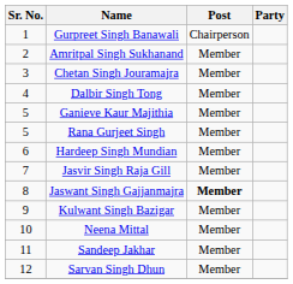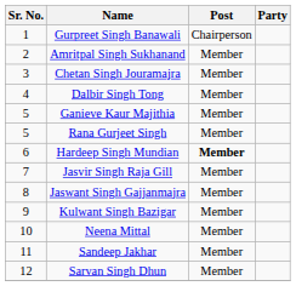 <table class="wikitable sortable">
 <tr>
 <th>Sr. No.</th>
 <th>Name</th>
 <th>Post</th>
 <th colspan="2">Party</th>
 </tr>
 <tr align="center">
 <td>1</td>
 <td><a href='#'>Gurpreet Singh Banawali</a></td>
 <td>Chairperson</td>
 <td></td>
 </tr>
 <tr align="center">
 <td>2</td>
 <td><a href='#'>Amritpal Singh Sukhanand</a></td>
 <td>Member</td>
 <td></td>
 </tr>
 <tr align="center">
 <td>3</td>
 <td><a href='#'>Chetan Singh Jouramajra</a></td>
 <td>Member</td>
 <td></td>
 </tr>
 <tr align="center">
 <td>4</td>
 <td><a href='#'>Dalbir Singh Tong</a></td>
 <td>Member</td>
 <td></td>
 </tr>
 <tr align="center">
 <td>5</td>
 <td><a href='#'>Ganieve Kaur Majithia</a></td>
 <td>Member</td>
 <td></td>
 </tr>
 <tr align="center">
 <td>5</td>
 <td><a href='#'>Rana Gurjeet Singh</a></td>
 <td>Member</td>
 <td></td>
 </tr>
 <tr align="center">
 <td>6</td>
 <td><a href='#'>Hardeep Singh Mundian</a></td>
-<td>Member</td>
+<td><strong>Member</strong></td>
 <td></td>
 </tr>
 <tr align="center">
 <td>7</td>
 <td><a href='#'>Jasvir Singh Raja Gill</a></td>
 <td>Member</td>
 <td></td>
 </tr>
 <tr align="center">
 <td>8</td>
 <td><a href='#'>Jaswant Singh Gajjanmajra</a></td>
-<td><strong>Member</strong></td>
+<td>Member</td>
 <td></td>
 </tr>
 <tr align="center">
 <td>9</td>
 <td><a href='#'>Kulwant Singh Bazigar</a></td>
 <td>Member</td>
 <td></td>
 </tr>
 <tr align="center">
 <td>10</td>
 <td><a href='#'>Neena Mittal</a></td>
 <td>Member</td>
 <td></td>
 </tr>
 <tr align="center">
 <td>11</td>
 <td><a href='#'>Sandeep Jakhar</a></td>
 <td>Member</td>
 <td></td>
 </tr>
 <tr align="center">
 <td>12</td>
 <td><a href='#'>Sarvan Singh Dhun</a></td>
 <td>Member</td>
 <td></td>
 </tr>
 <tr align="center">
 </tr>
 </table>
